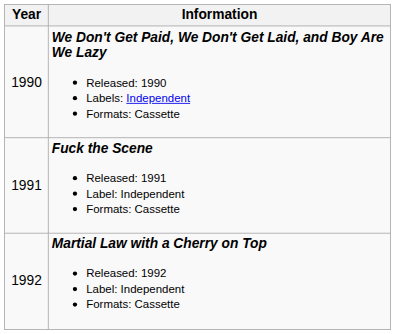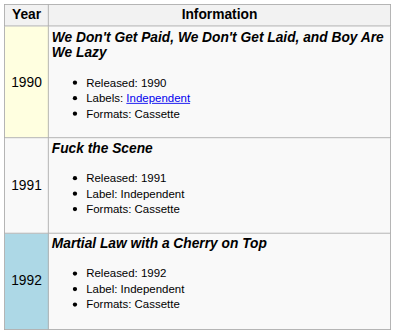 <table class="wikitable">
 <tr>
 <th rowspan="1" width="44">Year</th>
 <th rowspan="1" width="390">Information</th>
 </tr>
 <tr>
-<td align=center width="44">1990</td>
+<td align=center width="44" style="background: lightyellow;">1990</td>
 <td width="390"><strong><em>We Don't Get Paid, We Don't Get Laid, and Boy Are We Lazy</em></strong><br><ul><li><small>Released: 1990</small></li><li><small>Labels: <a href='#'>Independent</a></small></li><li><small>Formats: Cassette</small></li></ul></td>
 </tr>
 <tr>
 <td align=center width="44">1991</td>
 <td width="390"><strong><em>Fuck the Scene</em></strong><br><ul><li><small>Released: 1991</small></li><li><small>Label: Independent</small></li><li><small>Formats: Cassette</small></li></ul></td>
 </tr>
 <tr>
-<td align=center width="44">1992</td>
+<td align=center width="44" style="background: lightblue;">1992</td>
 <td width="390"><strong><em>Martial Law with a Cherry on Top</em></strong><br><ul><li><small>Released: 1992</small></li><li><small>Label: Independent</small></li><li><small>Formats: Cassette</small></li></ul></td>
 </tr>
 </table>
